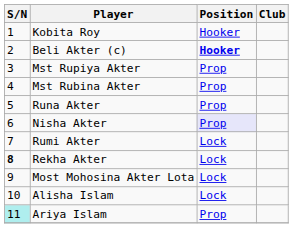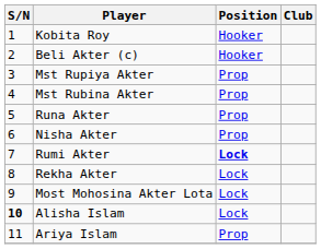 <table class="wikitable">
 <tr>
 <th>S/N</th>
 <th>Player</th>
 <th>Position</th>
 <th>Club</th>
 </tr>
 <tr>
 <td>1</td>
 <td>Kobita Roy</td>
 <td><a href='#'>Hooker</a></td>
 <td></td>
 </tr>
 <tr>
 <td>2</td>
 <td>Beli Akter (c)</td>
-<td><strong><a href='#'>Hooker</a></strong></td>
+<td><a href='#'>Hooker</a></td>
 <td></td>
 </tr>
 <tr>
 <td>3</td>
 <td>Mst Rupiya Akter</td>
 <td><a href='#'>Prop</a></td>
 <td></td>
 </tr>
 <tr>
 <td>4</td>
 <td>Mst Rubina Akter</td>
 <td><a href='#'>Prop</a></td>
 <td></td>
 </tr>
 <tr>
 <td>5</td>
 <td>Runa Akter</td>
 <td><a href='#'>Prop</a></td>
 <td></td>
 </tr>
 <tr>
 <td>6</td>
 <td>Nisha Akter</td>
-<td style="background: lavender;"><a href='#'>Prop</a></td>
+<td><a href='#'>Prop</a></td>
 <td></td>
 </tr>
 <tr>
 <td>7</td>
 <td>Rumi Akter</td>
-<td><a href='#'>Lock</a></td>
+<td><strong><a href='#'>Lock</a></strong></td>
 <td></td>
 </tr>
 <tr>
-<td><strong>8</strong></td>
+<td>8</td>
 <td>Rekha Akter</td>
 <td><a href='#'>Lock</a></td>
 <td></td>
 </tr>
 <tr>
 <td>9</td>
 <td>Most Mohosina Akter Lota</td>
 <td><a href='#'>Lock</a></td>
 <td></td>
 </tr>
 <tr>
-<td>10</td>
+<td><strong>10</strong></td>
 <td>Alisha Islam</td>
 <td><a href='#'>Lock</a></td>
 <td></td>
 </tr>
 <tr>
-<td style="background: paleturquoise;">11</td>
+<td>11</td>
 <td>Ariya Islam</td>
 <td><a href='#'>Prop</a></td>
 <td></td>
 </tr>
 <tr>
 </tr>
 </table>
